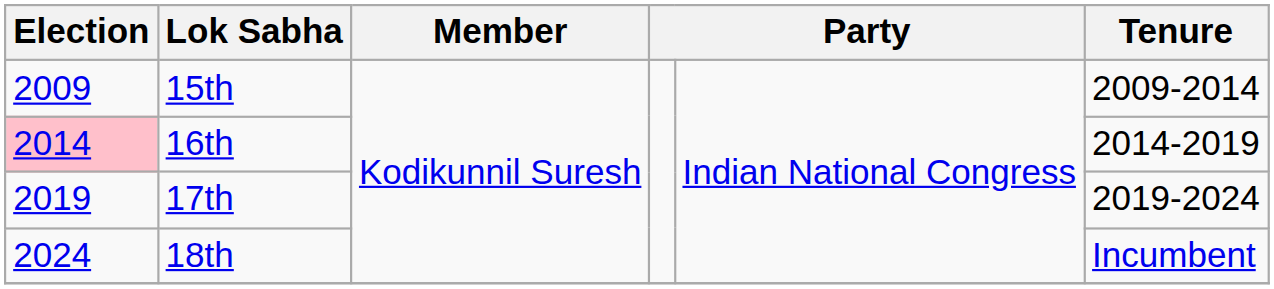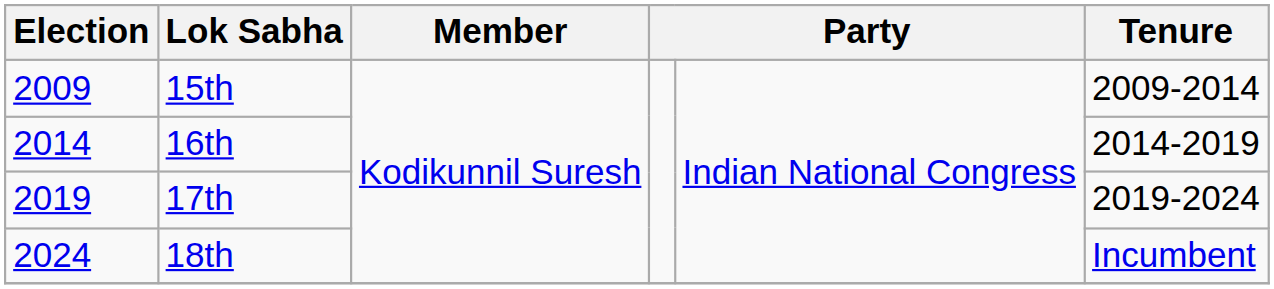 <table class="wikitable sortable">
 <tr>
 <th>Election</th>
 <th>Lok Sabha</th>
 <th>Member</th>
 <th colspan="2">Party</th>
 <th>Tenure</th>
 </tr>
 <tr>
 <td><a href='#'>2009</a></td>
 <td><a href='#'>15th</a></td>
 <td rowspan="4"><a href='#'>Kodikunnil Suresh</a></td>
 <td rowspan="4" width="4px" style="background-color: "></td>
 <td rowspan="4"><a href='#'>Indian National Congress</a></td>
 <td>2009-2014</td>
 </tr>
 <tr>
-<td style="background: pink;"><a href='#'>2014</a></td>
+<td><a href='#'>2014</a></td>
 <td><a href='#'>16th</a></td>
 <td>2014-2019</td>
 </tr>
 <tr>
 <td><a href='#'>2019</a></td>
 <td><a href='#'>17th</a></td>
 <td>2019-2024</td>
 </tr>
 <tr>
 <td><a href='#'>2024</a></td>
 <td><a href='#'>18th</a></td>
 <td><a href='#'>Incumbent</a></td>
 </tr>
 <tr>
 </tr>
 </table>
